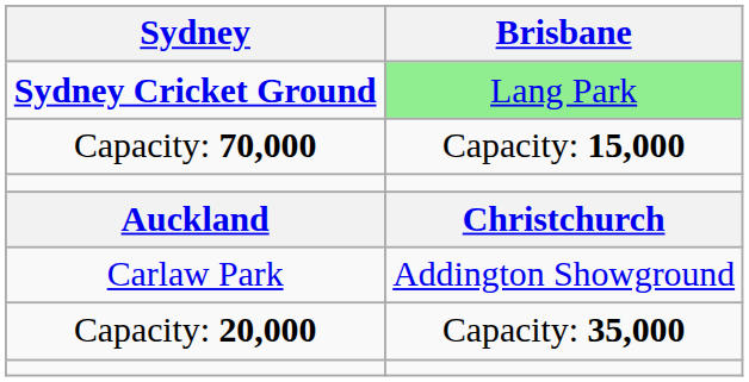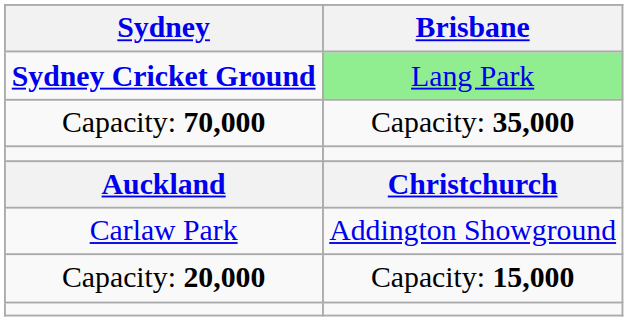 <table class="wikitable" style="text-align:center">
 <tr>
 <th> <strong><a href='#'>Sydney</a></strong></th>
 <th> <a href='#'>Brisbane</a></th>
 </tr>
 <tr>
 <td><strong><a href='#'>Sydney Cricket Ground</a></strong></td>
 <td style="background: lightgreen;"><a href='#'>Lang Park</a></td>
 </tr>
 <tr>
 <td>Capacity: <strong>70,000</strong></td>
-<td>Capacity: <strong>15,000</strong></td>
+<td>Capacity: <strong>35,000</strong></td>
 </tr>
 <tr>
 <td></td>
 <td></td>
 </tr>
 <tr>
 <th> <a href='#'>Auckland</a></th>
 <th> <a href='#'>Christchurch</a></th>
 </tr>
 <tr>
 <td><a href='#'>Carlaw Park</a></td>
 <td><a href='#'>Addington Showground</a></td>
 </tr>
 <tr>
 <td>Capacity: <strong>20,000</strong></td>
-<td>Capacity: <strong>35,000</strong></td>
+<td>Capacity: <strong>15,000</strong></td>
 </tr>
 <tr>
 <td></td>
 <td></td>
 </tr>
 </table>
